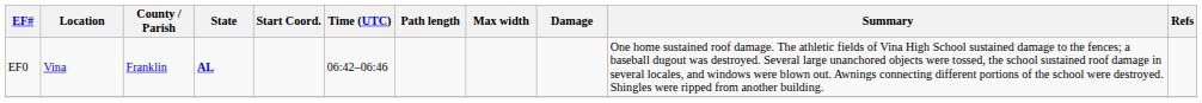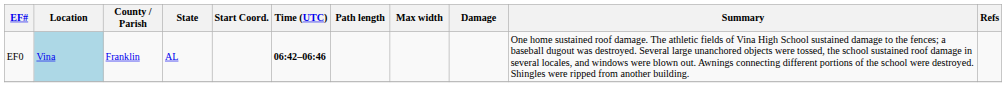 <table class="wikitable sortable" style="width:100%;">
 <tr>
 <th scope="col"  style="width:3%; text-align:center;"><a href='#'>EF#</a></th>
 <th scope="col"  style="width:7%; text-align:center;" class="unsortable">Location</th>
 <th scope="col"  style="width:6%; text-align:center;" class="unsortable">County / Parish</th>
 <th scope="col"  style="width:5%; text-align:center;">State</th>
 <th scope="col"  style="width:6%; text-align:center;">Start Coord.</th>
 <th scope="col"  style="width:6%; text-align:center;">Time (<a href='#'>UTC</a>)</th>
 <th scope="col"  style="width:6%; text-align:center;">Path length</th>
 <th scope="col"  style="width:6%; text-align:center;">Max width</th>
 <th scope="col"  style="width:6%; text-align:center;">Damage</th>
 <th scope="col" class="unsortable" style="width:48%; text-align:center;">Summary</th>
 <th scope="col" class="unsortable" style="width:48%; text-align:center;">Refs</th>
 </tr>
 <tr>
 <td>EF0</td>
-<td><a href='#'>Vina</a></td>
+<td style="background: lightblue;"><a href='#'>Vina</a></td>
 <td><a href='#'>Franklin</a></td>
-<td><strong><a href='#'>AL</a></strong></td>
+<td><a href='#'>AL</a></td>
 <td></td>
-<td>06:42–06:46</td>
+<td><strong>06:42–06:46</strong></td>
 <td></td>
 <td></td>
 <td></td>
 <td>One home sustained roof damage. The athletic fields of Vina High School sustained damage to the fences; a baseball dugout was destroyed. Several large unanchored objects were tossed, the school sustained roof damage in several locales, and windows were blown out. Awnings connecting different portions of the school were destroyed. Shingles were ripped from another building.</td>
 <td></td>
 </tr>
 <tr>
 </tr>
 </table>
